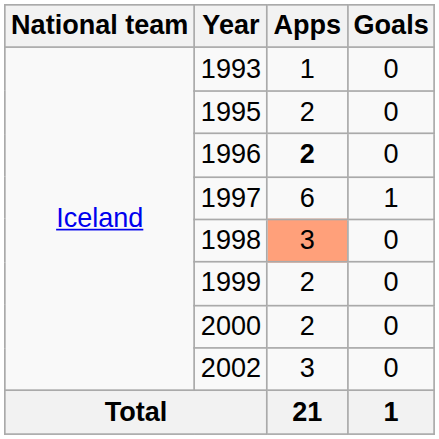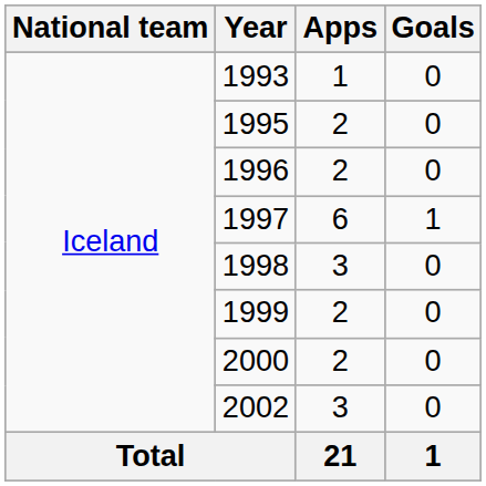 <table class=wikitable style="text-align: center">
 <tr>
 <th>National team</th>
 <th>Year</th>
 <th>Apps</th>
 <th>Goals</th>
 </tr>
 <tr>
 <td rowspan=8><a href='#'>Iceland</a></td>
 <td>1993</td>
 <td>1</td>
 <td>0</td>
 </tr>
 <tr>
 <td>1995</td>
 <td>2</td>
 <td>0</td>
 </tr>
 <tr>
 <td>1996</td>
-<td><strong>2</strong></td>
+<td>2</td>
 <td>0</td>
 </tr>
 <tr>
 <td>1997</td>
 <td>6</td>
 <td>1</td>
 </tr>
 <tr>
 <td>1998</td>
-<td style="background: lightsalmon;">3</td>
+<td>3</td>
 <td>0</td>
 </tr>
 <tr>
 <td>1999</td>
 <td>2</td>
 <td>0</td>
 </tr>
 <tr>
 <td>2000</td>
 <td>2</td>
 <td>0</td>
 </tr>
 <tr>
 <td>2002</td>
 <td>3</td>
 <td>0</td>
 </tr>
 <tr>
 <th colspan=2>Total</th>
 <th>21</th>
 <th>1</th>
 </tr>
 </table>
